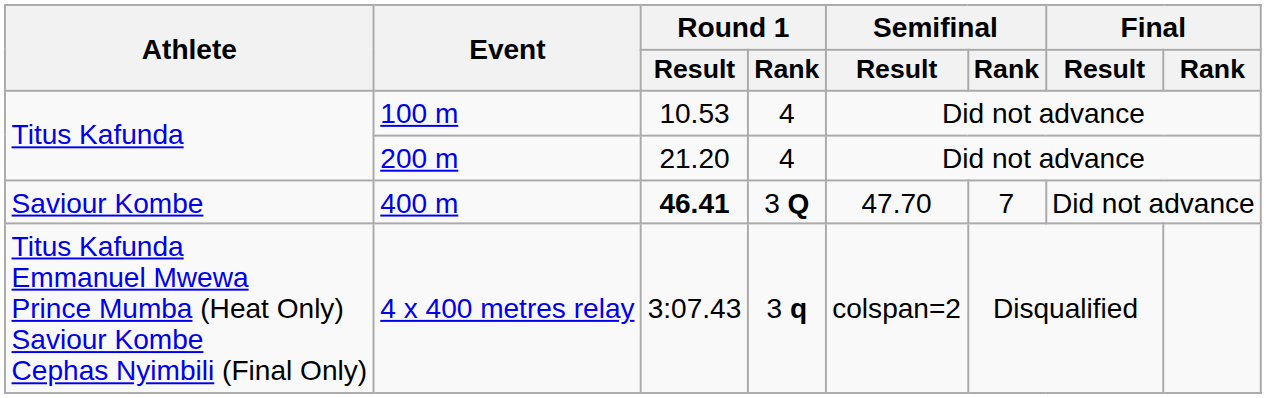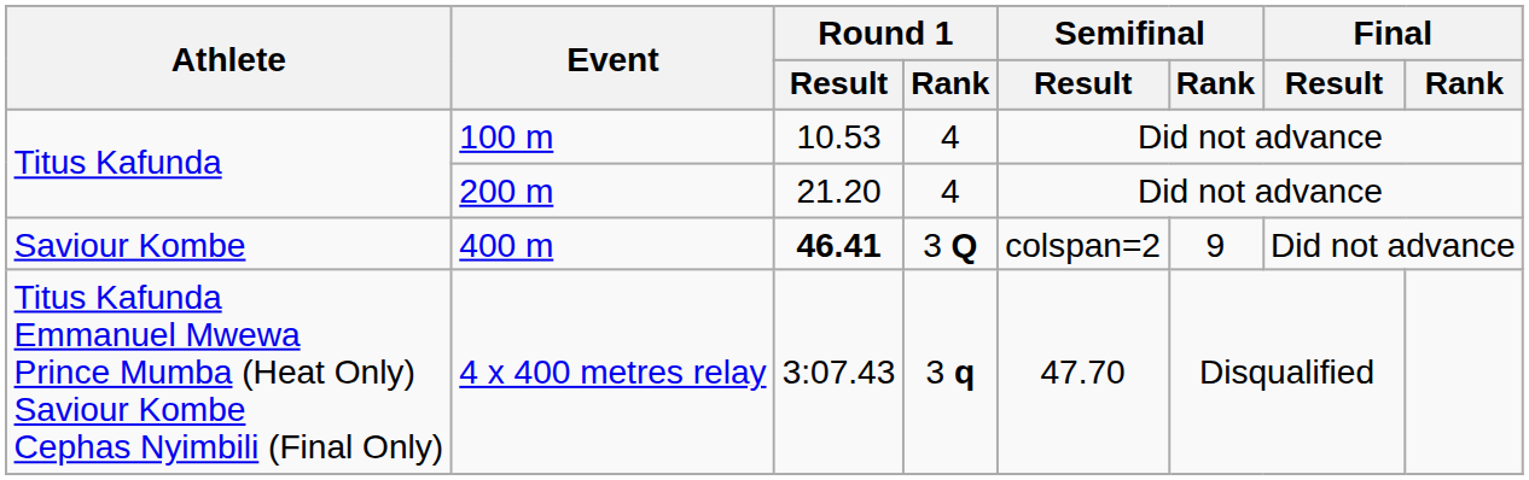 <table class=wikitable style="font-size:90%">
 <tr>
 <th rowspan="2">Athlete</th>
 <th rowspan="2">Event</th>
 <th colspan="2">Round 1</th>
 <th colspan="2">Semifinal</th>
 <th colspan="2">Final</th>
 </tr>
 <tr style="font-size:95%">
 <th>Result</th>
 <th>Rank</th>
 <th>Result</th>
 <th>Rank</th>
 <th>Result</th>
 <th>Rank</th>
 </tr>
 <tr align=center>
 <td align=left rowspan=2><a href='#'>Titus Kafunda</a></td>
 <td align=left><a href='#'>100 m</a></td>
 <td>10.53</td>
 <td>4</td>
 <td colspan="4">Did not advance</td>
 </tr>
 <tr align=center>
 <td align=left><a href='#'>200 m</a></td>
 <td>21.20</td>
 <td>4</td>
 <td colspan="4">Did not advance</td>
 </tr>
 <tr align=center>
 <td align=left><a href='#'>Saviour Kombe</a></td>
 <td align=left><a href='#'>400 m</a></td>
 <td><strong>46.41</strong></td>
 <td>3 <strong>Q</strong></td>
-<td>47.70</td>
-<td>7</td>
+<td>colspan=2 </td>
+<td>9</td>
 <td colspan="2">Did not advance</td>
 </tr>
 <tr align=center>
 <td align=left><a href='#'>Titus Kafunda</a><br><a href='#'>Emmanuel Mwewa</a><br><a href='#'>Prince Mumba</a> (Heat Only)<br><a href='#'>Saviour Kombe</a> <br><a href='#'>Cephas Nyimbili</a> (Final Only)</td>
 <td align=left><a href='#'>4 x 400 metres relay</a></td>
 <td>3:07.43</td>
 <td>3 <strong>q</strong></td>
-<td>colspan=2 </td>
+<td>47.70</td>
 <td colspan=2>Disqualified</td>
 </tr>
 </table>
